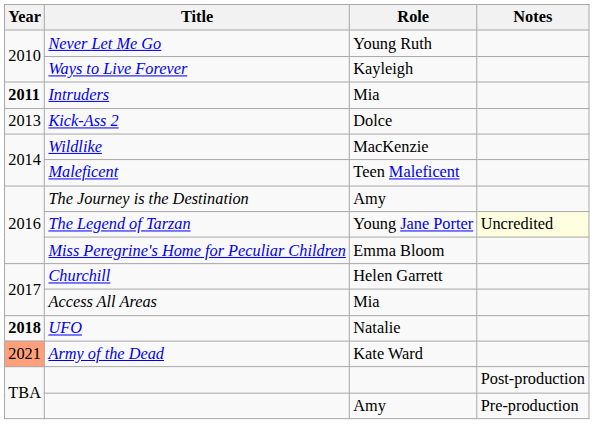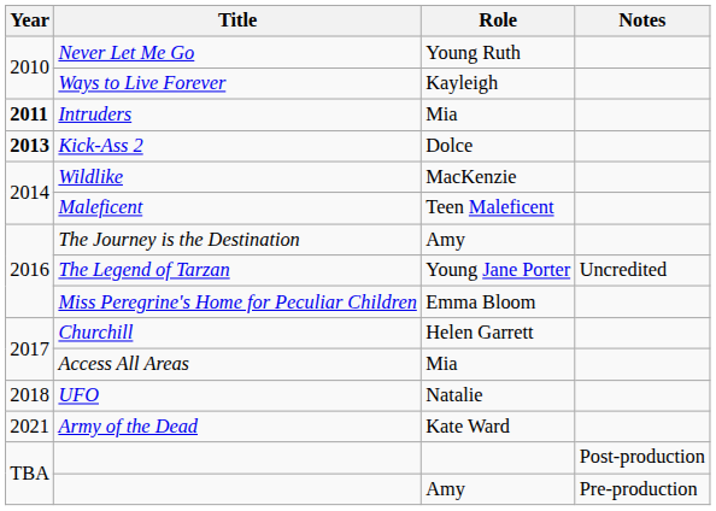 <table class = "wikitable sortable">
 <tr>
 <th>Year</th>
 <th>Title</th>
 <th>Role</th>
 <th class = "unsortable">Notes</th>
 </tr>
 <tr>
 <td rowspan="2">2010</td>
 <td><em><a href='#'>Never Let Me Go</a></em></td>
 <td>Young Ruth</td>
 <td></td>
 </tr>
 <tr>
 <td><em><a href='#'>Ways to Live Forever</a></em></td>
 <td>Kayleigh</td>
 <td></td>
 </tr>
 <tr>
 <td><strong>2011</strong></td>
 <td><em><a href='#'>Intruders</a></em></td>
 <td>Mia</td>
 <td></td>
 </tr>
 <tr>
-<td>2013</td>
+<td><strong>2013</strong></td>
 <td><em><a href='#'>Kick-Ass 2</a></em></td>
 <td>Dolce</td>
 <td></td>
 </tr>
 <tr>
 <td rowspan="2">2014</td>
 <td><em><a href='#'>Wildlike</a></em></td>
 <td>MacKenzie</td>
 <td></td>
 </tr>
 <tr>
 <td><em><a href='#'>Maleficent</a></em></td>
 <td>Teen <a href='#'>Maleficent</a></td>
 <td></td>
 </tr>
 <tr>
 <td rowspan="3">2016</td>
 <td><em>The Journey is the Destination</em></td>
 <td>Amy</td>
 <td></td>
 </tr>
 <tr>
 <td><em><a href='#'>The Legend of Tarzan</a></em></td>
 <td>Young <a href='#'>Jane Porter</a></td>
-<td style="background: lightyellow;">Uncredited</td>
+<td>Uncredited</td>
 </tr>
 <tr>
 <td><em><a href='#'>Miss Peregrine's Home for Peculiar Children</a></em></td>
 <td>Emma Bloom</td>
 <td></td>
 </tr>
 <tr>
 <td rowspan="2">2017</td>
 <td><em><a href='#'>Churchill</a></em></td>
 <td>Helen Garrett</td>
 <td></td>
 </tr>
 <tr>
 <td><em>Access All Areas</em></td>
 <td>Mia</td>
 <td></td>
 </tr>
 <tr>
-<td><strong>2018</strong></td>
+<td>2018</td>
 <td><em><a href='#'>UFO</a></em></td>
 <td>Natalie</td>
 <td></td>
 </tr>
 <tr>
-<td style="background: lightsalmon;">2021</td>
+<td>2021</td>
 <td><em><a href='#'>Army of the Dead</a></em></td>
 <td>Kate Ward</td>
 <td></td>
 </tr>
 <tr>
 <td rowspan="2">TBA</td>
 <td></td>
 <td></td>
 <td>Post-production</td>
 </tr>
 <tr>
 <td></td>
 <td>Amy</td>
 <td>Pre-production</td>
 </tr>
 </table>
